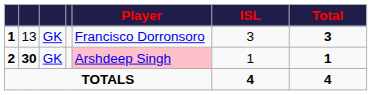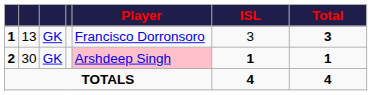 <table class="wikitable" style="font-size: 95%; text-align: center;">
 <tr>
 <th rowspan="1" style="background:#1f1d4a; color:#FF0000; !width=15"></th>
 <th rowspan="1" style="background:#1f1d4a; color:#FF0000; !width=15"></th>
 <th rowspan="1" style="background:#1f1d4a; color:#FF0000; !width=15"></th>
 <th rowspan="1" style="background:#1f1d4a; color:#FF0000; !width=15"></th>
 <th width=150 style="background:#1f1d4a; color:#FF0000;">Player</th>
 <th width=80 style="background:#1f1d4a; color:#FF0000;">ISL</th>
 <th width=80 style="background:#1f1d4a; color:#FF0000;">Total</th>
 </tr>
 <tr>
 <td rowspan=1><strong>1</strong></td>
 <td>13</td>
 <td><a href='#'>GK</a></td>
 <td></td>
 <td align=left><a href='#'>Francisco Dorronsoro</a></td>
 <td>3</td>
 <td><strong>3</strong></td>
 </tr>
 <tr>
 <td rowspan=1><strong>2</strong></td>
-<td><strong>30</strong></td>
+<td>30</td>
 <td><a href='#'>GK</a></td>
 <td></td>
 <td align=left style="background: pink;"><a href='#'>Arshdeep Singh</a></td>
-<td>1</td>
+<td><strong>1</strong></td>
 <td><strong>1</strong></td>
 </tr>
 <tr>
 <td colspan="5"><strong>TOTALS</strong></td>
 <td><strong>4</strong></td>
 <td><strong>4</strong></td>
 </tr>
 </table>
